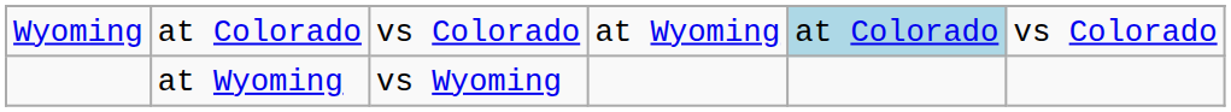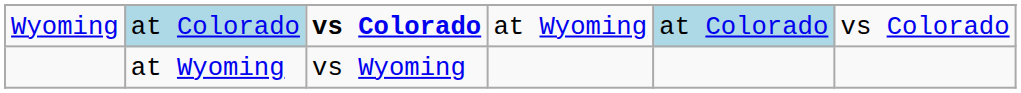 <table class="wikitable">
 <tr>
 </tr>
 <tr>
 <td><a href='#'>Wyoming</a></td>
-<td>at <a href='#'>Colorado</a></td>
-<td>vs <a href='#'>Colorado</a></td>
+<td style="background: lightblue;">at <a href='#'>Colorado</a></td>
+<td><strong>vs <a href='#'>Colorado</a></strong></td>
 <td>at <a href='#'>Wyoming</a></td>
 <td style="background: lightblue;">at <a href='#'>Colorado</a></td>
 <td>vs <a href='#'>Colorado</a></td>
 </tr>
 <tr>
 <td></td>
 <td>at <a href='#'>Wyoming</a></td>
 <td>vs <a href='#'>Wyoming</a></td>
 <td></td>
 <td></td>
 <td></td>
 </tr>
 </table>
